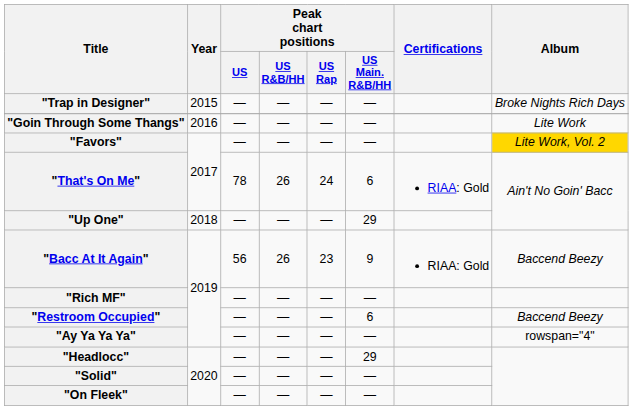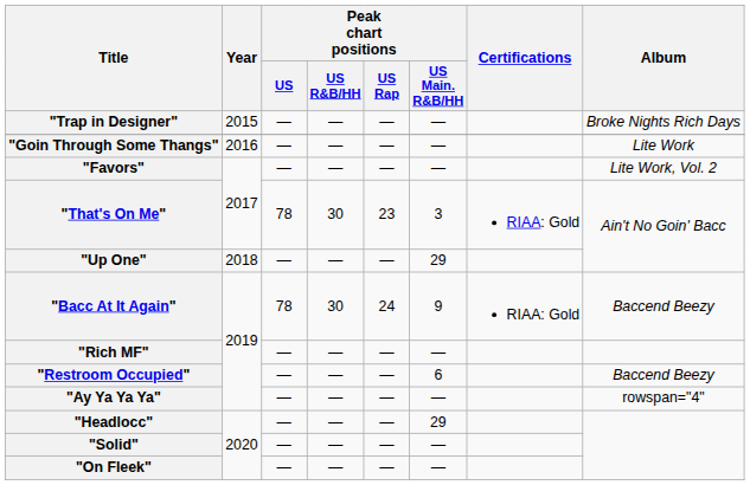 <table class="wikitable plainrowheaders" style="text-align:center;">
 <tr>
 <th rowspan="2">Title</th>
 <th rowspan="2">Year</th>
 <th colspan="4">Peak<br>chart<br>positions</th>
 <th rowspan="2"><a href='#'>Certifications</a></th>
 <th rowspan="2">Album</th>
 </tr>
 <tr>
 <th scope="col" style="width:3em;font-size:90%;"><a href='#'>US</a><br></th>
 <th scope="col" style="width:3em;font-size:90%;"><a href='#'>US<br>R&B/HH</a><br></th>
 <th scope="col" style="width:3em;font-size:90%;"><a href='#'>US<br>Rap</a><br></th>
 <th scope="col" style="width:3em;font-size:90%;"><a href='#'>US<br>Main.<br>R&B/HH</a><br></th>
 </tr>
 <tr>
 <th scope="row">"Trap in Designer"</th>
 <td>2015</td>
 <td>—</td>
 <td>—</td>
 <td>—</td>
 <td>—</td>
 <td></td>
 <td><em>Broke Nights Rich Days</em></td>
 </tr>
 <tr>
 </tr>
 <tr>
 <th scope="row">"Goin Through Some Thangs"</th>
 <td>2016</td>
 <td>—</td>
 <td>—</td>
 <td>—</td>
 <td>—</td>
 <td></td>
 <td><em>Lite Work</em></td>
 </tr>
 <tr>
 <th scope="row">"Favors"</th>
 <td rowspan="2">2017</td>
 <td>—</td>
 <td>—</td>
 <td>—</td>
 <td>—</td>
 <td></td>
-<td style="background: gold;"><em>Lite Work, Vol. 2</em></td>
+<td><em>Lite Work, Vol. 2</em></td>
 </tr>
 <tr>
 <th scope="row">"<a href='#'>That's On Me</a>"<br></th>
 <td>78</td>
-<td>26</td>
-<td>24</td>
-<td>6</td>
+<td>30</td>
+<td>23</td>
+<td>3</td>
 <td><br><ul><li><a href='#'>RIAA</a>: Gold</li></ul></td>
 <td rowspan="2"><em>Ain't No Goin' Bacc</em></td>
 </tr>
 <tr>
 <th scope="row">"Up One"<br></th>
 <td>2018</td>
 <td>—</td>
 <td>—</td>
 <td>—</td>
 <td>29</td>
 <td></td>
 </tr>
 <tr>
 <th scope="row">"<a href='#'>Bacc At It Again</a>"<br></th>
 <td rowspan="4">2019</td>
-<td>56</td>
-<td>26</td>
-<td>23</td>
+<td>78</td>
+<td>30</td>
+<td>24</td>
 <td>9</td>
 <td><br><ul><li>RIAA: Gold</li></ul></td>
 <td><em>Baccend Beezy</em></td>
 </tr>
 <tr>
 <th scope="row">"Rich MF"</th>
 <td>—</td>
 <td>—</td>
 <td>—</td>
 <td>—</td>
 <td></td>
 <td></td>
 </tr>
 <tr>
 <th scope="row">"<a href='#'>Restroom Occupied</a>"<br></th>
 <td>—</td>
 <td>—</td>
 <td>—</td>
 <td>6</td>
 <td></td>
 <td><em>Baccend Beezy</em></td>
 </tr>
 <tr>
 <th scope="row">"Ay Ya Ya Ya"<br></th>
 <td>—</td>
 <td>—</td>
 <td>—</td>
 <td>—</td>
 <td></td>
 <td>rowspan="4" </td>
 </tr>
 <tr>
 <th scope="row">"Headlocc"<br></th>
 <td rowspan="3">2020</td>
 <td>—</td>
 <td>—</td>
 <td>—</td>
 <td>29</td>
 <td></td>
 </tr>
 <tr>
 <th scope="row">"Solid"<br></th>
 <td>—</td>
 <td>—</td>
 <td>—</td>
 <td>—</td>
 <td></td>
 </tr>
 <tr>
 <th scope="row">"On Fleek"<br></th>
 <td>—</td>
 <td>—</td>
 <td>—</td>
 <td>—</td>
 <td></td>
 </tr>
 </table>
